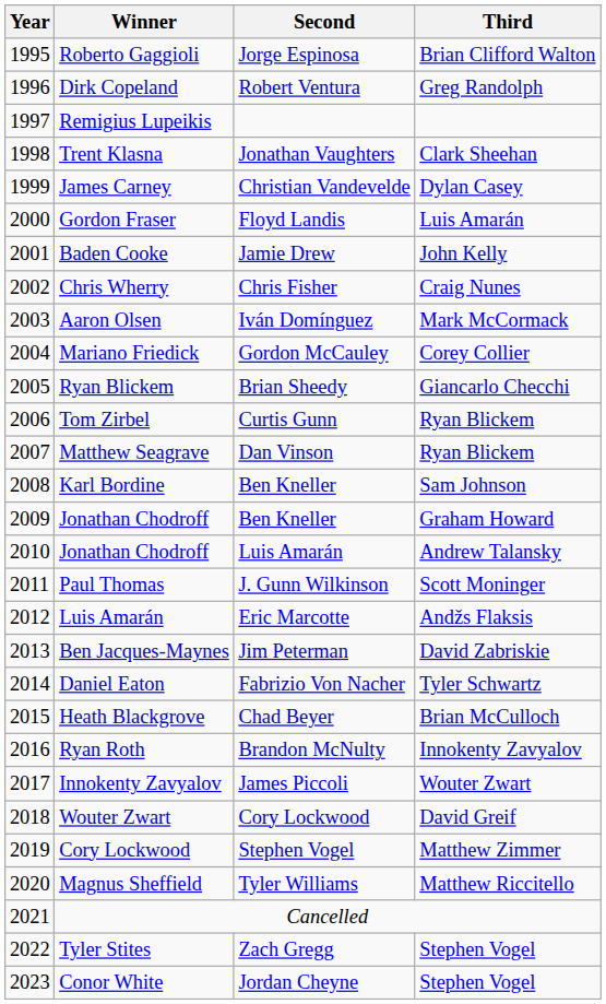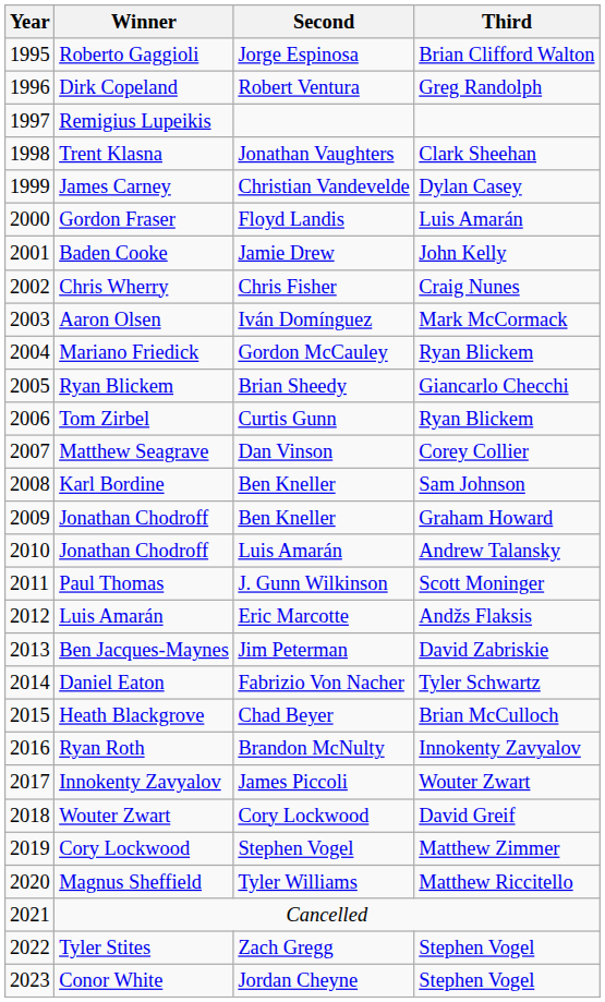 <table class="wikitable" style="font-size:95%">
 <tr>
 <th>Year</th>
 <th>Winner</th>
 <th>Second</th>
 <th>Third</th>
 </tr>
 <tr>
 <td>1995</td>
 <td> <a href='#'>Roberto Gaggioli</a></td>
 <td> <a href='#'>Jorge Espinosa</a></td>
 <td> <a href='#'>Brian Clifford Walton</a></td>
 </tr>
 <tr>
 <td>1996</td>
 <td> <a href='#'>Dirk Copeland</a></td>
 <td> <a href='#'>Robert Ventura</a></td>
 <td> <a href='#'>Greg Randolph</a></td>
 </tr>
 <tr>
 <td>1997</td>
 <td> <a href='#'>Remigius Lupeikis</a></td>
 <td></td>
 <td></td>
 </tr>
 <tr>
 <td>1998</td>
 <td> <a href='#'>Trent Klasna</a></td>
 <td> <a href='#'>Jonathan Vaughters</a></td>
 <td> <a href='#'>Clark Sheehan</a></td>
 </tr>
 <tr>
 <td>1999</td>
 <td> <a href='#'>James Carney</a></td>
 <td> <a href='#'>Christian Vandevelde</a></td>
 <td> <a href='#'>Dylan Casey</a></td>
 </tr>
 <tr>
 <td>2000</td>
 <td> <a href='#'>Gordon Fraser</a></td>
 <td> <a href='#'>Floyd Landis</a></td>
 <td> <a href='#'>Luis Amarán</a></td>
 </tr>
 <tr>
 <td>2001</td>
 <td> <a href='#'>Baden Cooke</a></td>
 <td> <a href='#'>Jamie Drew</a></td>
 <td> <a href='#'>John Kelly</a></td>
 </tr>
 <tr>
 <td>2002</td>
 <td> <a href='#'>Chris Wherry</a></td>
 <td> <a href='#'>Chris Fisher</a></td>
 <td> <a href='#'>Craig Nunes</a></td>
 </tr>
 <tr>
 <td>2003</td>
 <td> <a href='#'>Aaron Olsen</a></td>
 <td> <a href='#'>Iván Domínguez</a></td>
 <td> <a href='#'>Mark McCormack</a></td>
 </tr>
 <tr>
 <td>2004</td>
 <td> <a href='#'>Mariano Friedick</a></td>
 <td> <a href='#'>Gordon McCauley</a></td>
-<td> <a href='#'>Corey Collier</a></td>
+<td> <a href='#'>Ryan Blickem</a></td>
 </tr>
 <tr>
 <td>2005</td>
 <td> <a href='#'>Ryan Blickem</a></td>
 <td> <a href='#'>Brian Sheedy</a></td>
 <td> <a href='#'>Giancarlo Checchi</a></td>
 </tr>
 <tr>
 <td>2006</td>
 <td> <a href='#'>Tom Zirbel</a></td>
 <td> <a href='#'>Curtis Gunn</a></td>
 <td> <a href='#'>Ryan Blickem</a></td>
 </tr>
 <tr>
 <td>2007</td>
 <td> <a href='#'>Matthew Seagrave</a></td>
 <td> <a href='#'>Dan Vinson</a></td>
-<td> <a href='#'>Ryan Blickem</a></td>
+<td> <a href='#'>Corey Collier</a></td>
 </tr>
 <tr>
 <td>2008</td>
 <td> <a href='#'>Karl Bordine</a></td>
 <td> <a href='#'>Ben Kneller</a></td>
 <td> <a href='#'>Sam Johnson</a></td>
 </tr>
 <tr>
 <td>2009</td>
 <td> <a href='#'>Jonathan Chodroff</a></td>
 <td> <a href='#'>Ben Kneller</a></td>
 <td> <a href='#'>Graham Howard</a></td>
 </tr>
 <tr>
 <td>2010</td>
 <td> <a href='#'>Jonathan Chodroff</a></td>
 <td> <a href='#'>Luis Amarán</a></td>
 <td> <a href='#'>Andrew Talansky</a></td>
 </tr>
 <tr>
 <td>2011</td>
 <td> <a href='#'>Paul Thomas</a></td>
 <td> <a href='#'>J. Gunn Wilkinson</a></td>
 <td> <a href='#'>Scott Moninger</a></td>
 </tr>
 <tr>
 <td>2012</td>
 <td> <a href='#'>Luis Amarán</a></td>
 <td> <a href='#'>Eric Marcotte</a></td>
 <td> <a href='#'>Andžs Flaksis</a></td>
 </tr>
 <tr>
 <td>2013</td>
 <td> <a href='#'>Ben Jacques-Maynes</a></td>
 <td> <a href='#'>Jim Peterman</a></td>
 <td> <a href='#'>David Zabriskie</a></td>
 </tr>
 <tr>
 <td>2014</td>
 <td> <a href='#'>Daniel Eaton</a></td>
 <td> <a href='#'>Fabrizio Von Nacher</a></td>
 <td> <a href='#'>Tyler Schwartz</a></td>
 </tr>
 <tr>
 <td>2015</td>
 <td> <a href='#'>Heath Blackgrove</a></td>
 <td> <a href='#'>Chad Beyer</a></td>
 <td> <a href='#'>Brian McCulloch</a></td>
 </tr>
 <tr>
 <td>2016</td>
 <td> <a href='#'>Ryan Roth</a></td>
 <td> <a href='#'>Brandon McNulty</a></td>
 <td> <a href='#'>Innokenty Zavyalov</a></td>
 </tr>
 <tr>
 <td>2017</td>
 <td> <a href='#'>Innokenty Zavyalov</a></td>
 <td> <a href='#'>James Piccoli</a></td>
 <td> <a href='#'>Wouter Zwart</a></td>
 </tr>
 <tr>
 <td>2018</td>
 <td> <a href='#'>Wouter Zwart</a></td>
 <td> <a href='#'>Cory Lockwood</a></td>
 <td> <a href='#'>David Greif</a></td>
 </tr>
 <tr>
 <td>2019</td>
 <td> <a href='#'>Cory Lockwood</a></td>
 <td> <a href='#'>Stephen Vogel</a></td>
 <td> <a href='#'>Matthew Zimmer</a></td>
 </tr>
 <tr>
 <td>2020</td>
 <td> <a href='#'>Magnus Sheffield</a></td>
 <td> <a href='#'>Tyler Williams</a></td>
 <td> <a href='#'>Matthew Riccitello</a></td>
 </tr>
 <tr>
 <td>2021</td>
 <td colspan=3; align=center><em>Cancelled</em></td>
 </tr>
 <tr>
 <td>2022</td>
 <td> <a href='#'>Tyler Stites</a></td>
 <td> <a href='#'>Zach Gregg</a></td>
 <td> <a href='#'>Stephen Vogel</a></td>
 </tr>
 <tr>
 <td>2023</td>
 <td> <a href='#'>Conor White</a></td>
 <td> <a href='#'>Jordan Cheyne</a></td>
 <td> <a href='#'>Stephen Vogel</a></td>
 </tr>
 </table>
